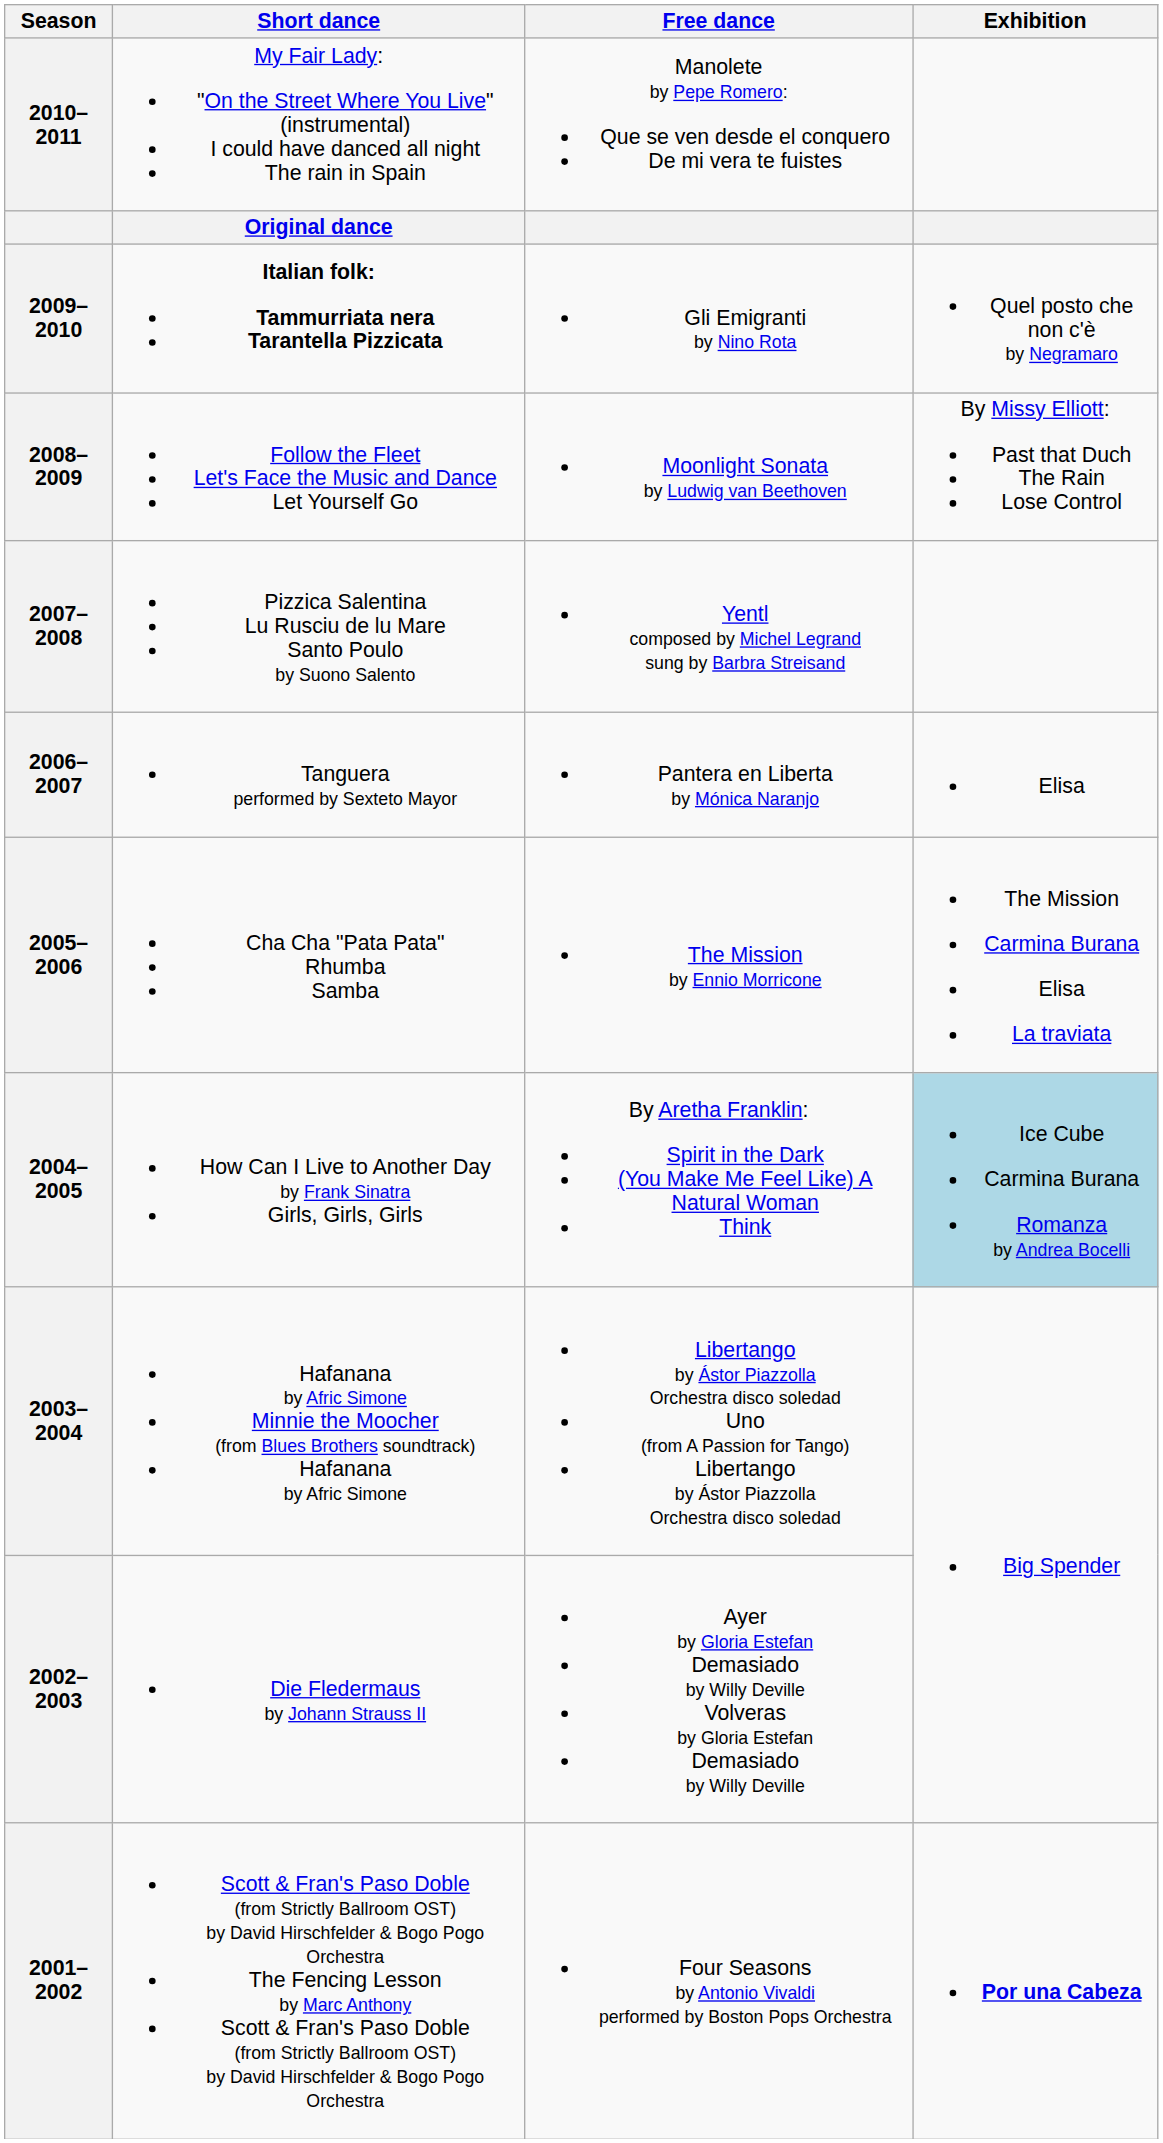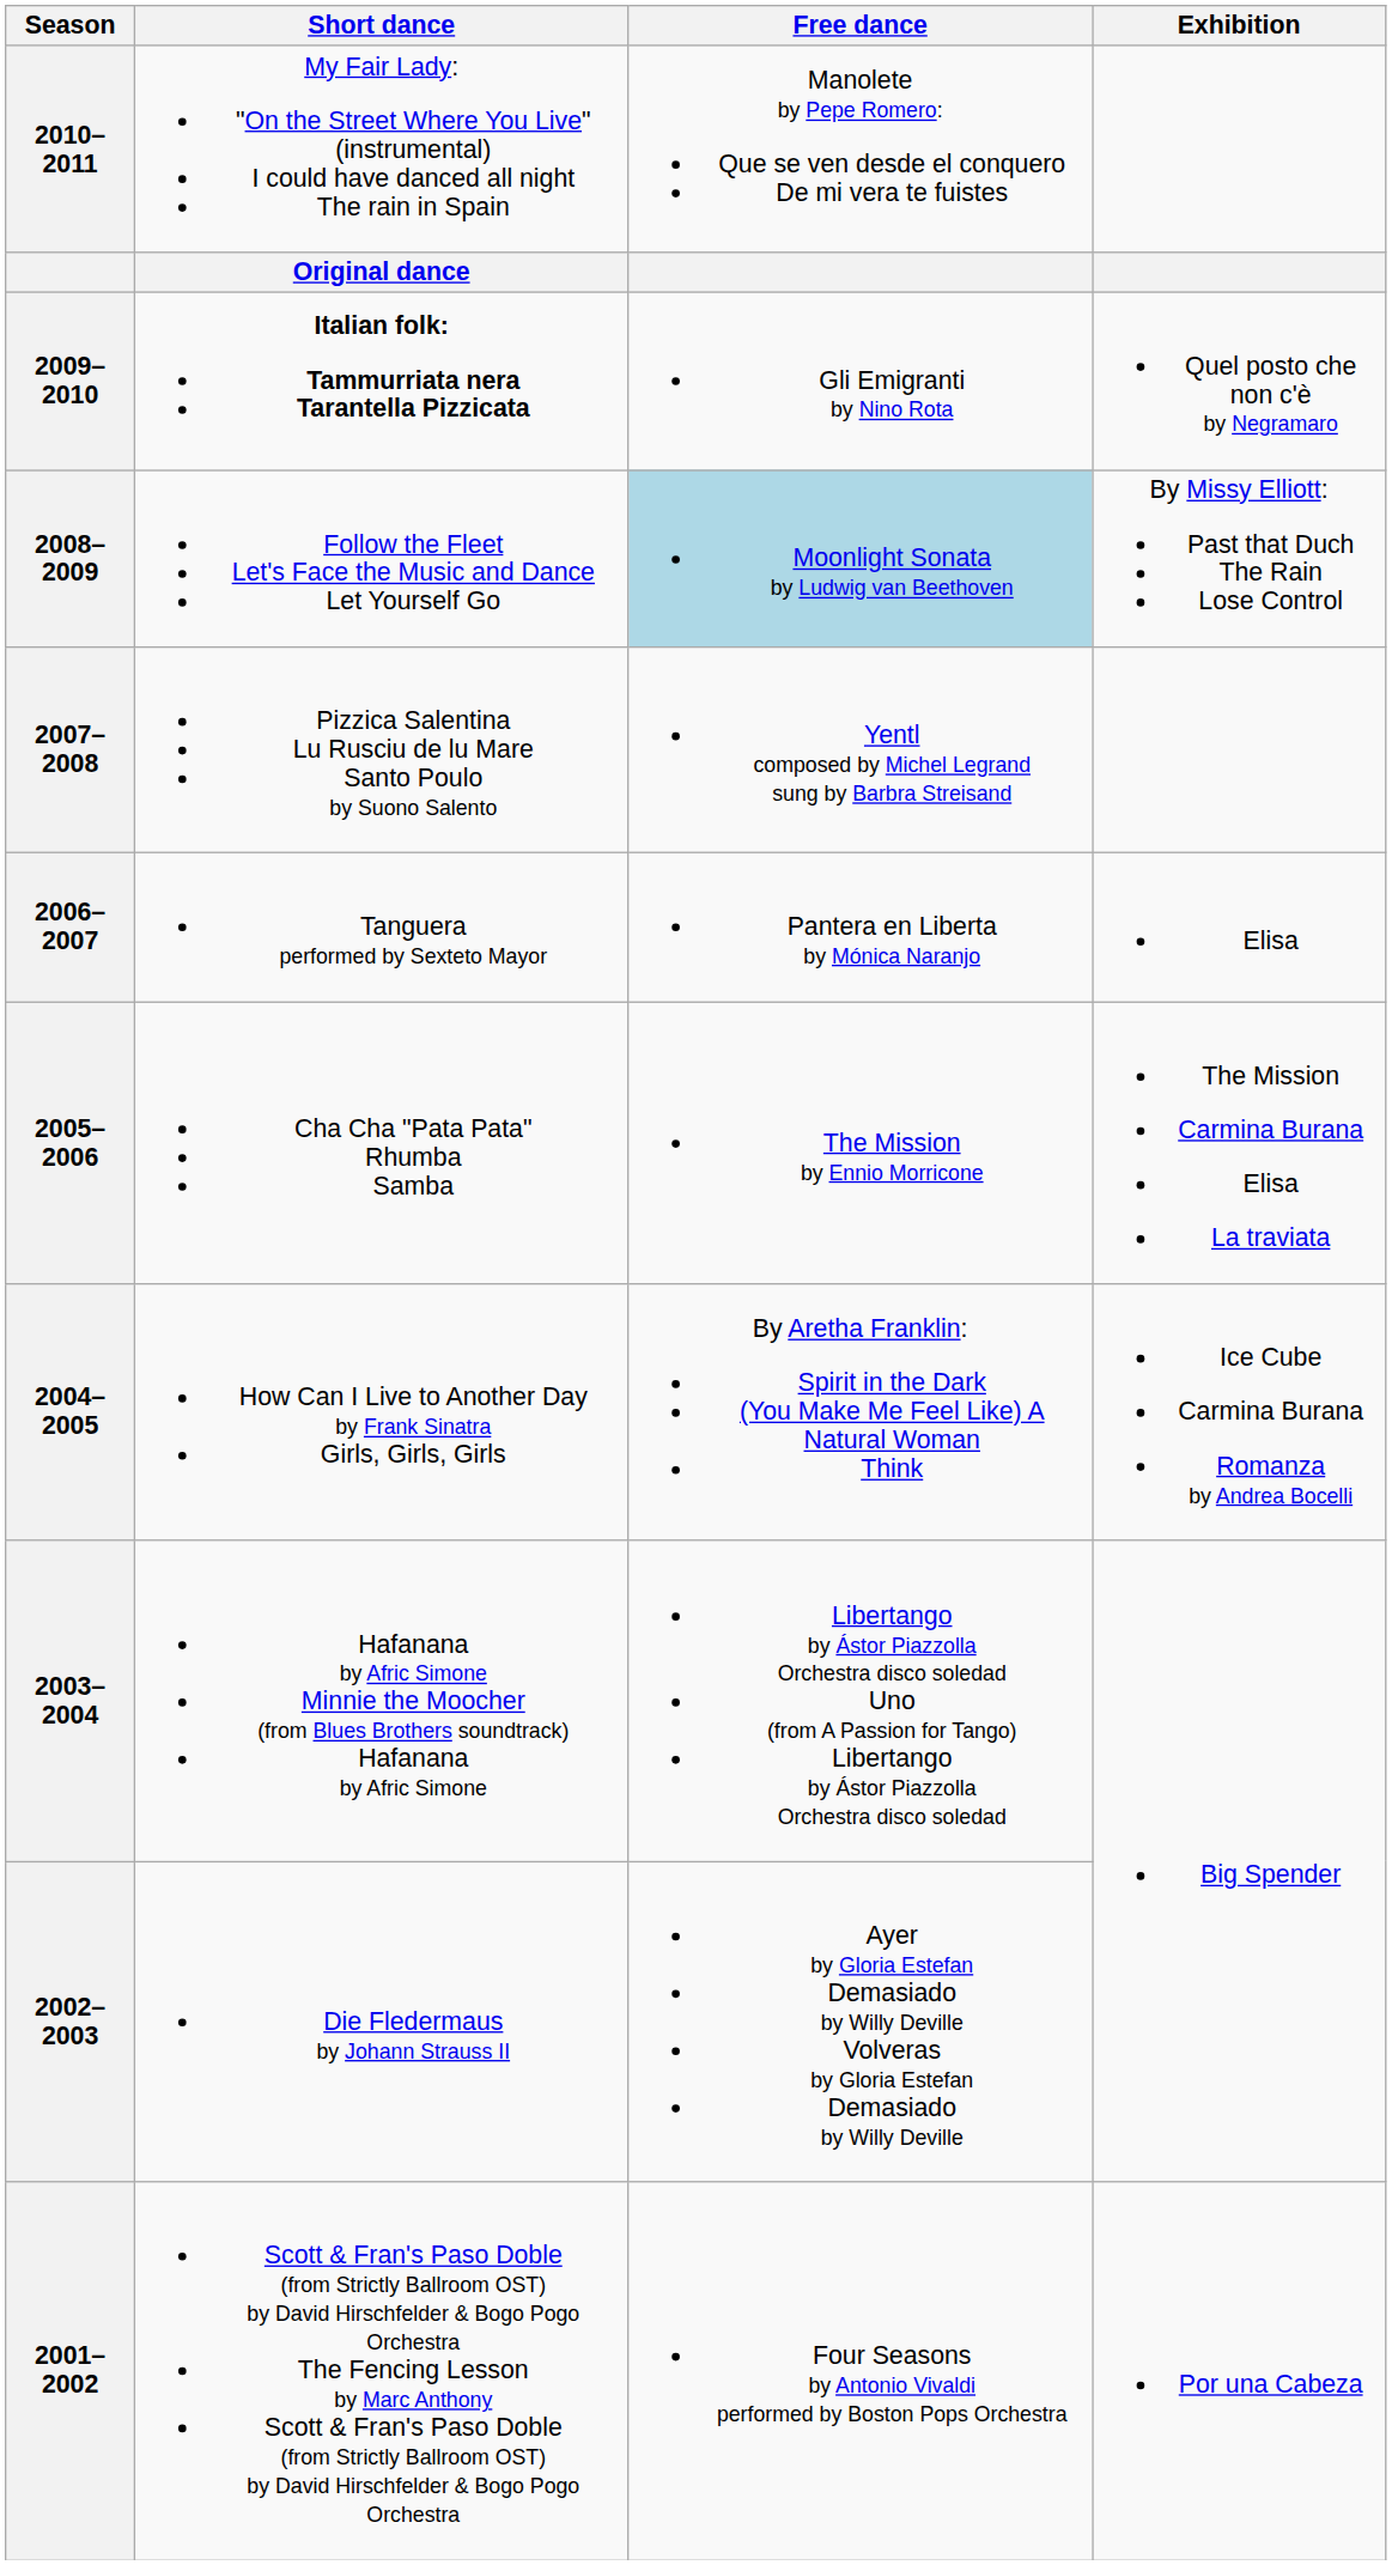 <table class="wikitable" style="text-align:center">
 <tr>
 <th>Season</th>
 <th><a href='#'>Short dance</a></th>
 <th><a href='#'>Free dance</a></th>
 <th>Exhibition</th>
 </tr>
 <tr>
 <th>2010–2011 <br> </th>
 <td><a href='#'>My Fair Lady</a>:<br><ul><li>"<a href='#'>On the Street Where You Live</a>" (instrumental)</li><li>I could have danced all night</li><li>The rain in Spain</li></ul></td>
 <td>Manolete <br><small> by <a href='#'>Pepe Romero</a>:</small><br><ul><li>Que se ven desde el conquero</li><li>De mi vera te fuistes</li></ul></td>
 <td></td>
 </tr>
 <tr>
 <th></th>
 <th><a href='#'>Original dance</a></th>
 <th></th>
 <th></th>
 </tr>
 <tr>
 <th>2009–2010 <br> </th>
 <td><strong>Italian folk:<br><ul><li>Tammurriata nera</li><li>Tarantella Pizzicata</li></ul></strong></td>
 <td><br><ul><li>Gli Emigranti <br><small> by <a href='#'>Nino Rota</a> </small></li></ul></td>
 <td><br><ul><li>Quel posto che non c'è <br><small> by <a href='#'>Negramaro</a> </small></li></ul></td>
 </tr>
 <tr>
 <th>2008–2009 <br> </th>
 <td><br><ul><li><a href='#'>Follow the Fleet</a></li><li><a href='#'>Let's Face the Music and Dance</a></li><li>Let Yourself Go</li></ul></td>
-<td><br><ul><li><a href='#'>Moonlight Sonata</a> <br><small> by <a href='#'>Ludwig van Beethoven</a> </small></li></ul></td>
+<td style="background: lightblue;"><br><ul><li><a href='#'>Moonlight Sonata</a> <br><small> by <a href='#'>Ludwig van Beethoven</a> </small></li></ul></td>
 <td>By <a href='#'>Missy Elliott</a>:<br><ul><li>Past that Duch</li><li>The Rain</li><li>Lose Control</li></ul></td>
 </tr>
 <tr>
 <th>2007–2008 <br> </th>
 <td><br><ul><li>Pizzica Salentina</li><li>Lu Rusciu de lu Mare</li><li>Santo Poulo <br><small> by Suono Salento </small></li></ul></td>
 <td><br><ul><li><a href='#'>Yentl</a> <br><small> composed by <a href='#'>Michel Legrand</a> <br> sung by <a href='#'>Barbra Streisand</a> </small></li></ul></td>
 <td></td>
 </tr>
 <tr>
 <th>2006–2007 <br> </th>
 <td><br><ul><li>Tanguera <br><small> performed by Sexteto Mayor </small></li></ul></td>
 <td><br><ul><li>Pantera en Liberta <br><small> by <a href='#'>Mónica Naranjo</a> </small></li></ul></td>
 <td><br><ul><li>Elisa</li></ul></td>
 </tr>
 <tr>
 <th>2005–2006 <br> </th>
 <td><br><ul><li>Cha Cha "Pata Pata"</li><li>Rhumba</li><li>Samba</li></ul></td>
 <td><br><ul><li><a href='#'>The Mission</a> <br><small> by <a href='#'>Ennio Morricone</a> </small></li></ul></td>
 <td><br><ul><li>The Mission</li></ul><ul><li><a href='#'>Carmina Burana</a></li></ul><ul><li>Elisa</li></ul><ul><li><a href='#'>La traviata</a></li></ul></td>
 </tr>
 <tr>
 <th>2004–2005 <br> </th>
 <td><br><ul><li>How Can I Live to Another Day <br><small> by <a href='#'>Frank Sinatra</a> </small></li><li>Girls, Girls, Girls</li></ul></td>
 <td>By <a href='#'>Aretha Franklin</a>:<br><ul><li><a href='#'>Spirit in the Dark</a></li><li><a href='#'>(You Make Me Feel Like) A Natural Woman</a></li><li><a href='#'>Think</a></li></ul></td>
-<td style="background: lightblue;"><br><ul><li>Ice Cube</li></ul><ul><li>Carmina Burana</li></ul><ul><li><a href='#'>Romanza</a> <br><small> by <a href='#'>Andrea Bocelli</a></small></li></ul></td>
+<td><br><ul><li>Ice Cube</li></ul><ul><li>Carmina Burana</li></ul><ul><li><a href='#'>Romanza</a> <br><small> by <a href='#'>Andrea Bocelli</a></small></li></ul></td>
 </tr>
 <tr>
 <th>2003–2004 <br> </th>
 <td><br><ul><li>Hafanana <br><small> by <a href='#'>Afric Simone</a> </small></li><li><a href='#'>Minnie the Moocher</a> <br><small> (from <a href='#'>Blues Brothers</a> soundtrack) </small></li><li>Hafanana <br><small> by Afric Simone </small></li></ul></td>
 <td><br><ul><li><a href='#'>Libertango</a> <br><small> by <a href='#'>Ástor Piazzolla</a> <br> Orchestra disco soledad </small></li><li>Uno <br><small> (from A Passion for Tango) </small></li><li>Libertango <br><small> by Ástor Piazzolla <br> Orchestra disco soledad </small></li></ul></td>
 <td rowspan=2><br><ul><li><a href='#'>Big Spender</a></li></ul></td>
 </tr>
 <tr>
 <th>2002–2003 <br> </th>
 <td><br><ul><li><a href='#'>Die Fledermaus</a> <br><small> by <a href='#'>Johann Strauss II</a> </small></li></ul></td>
 <td><br><ul><li>Ayer <br><small> by <a href='#'>Gloria Estefan</a> </small></li><li>Demasiado <br><small> by Willy Deville </small></li><li>Volveras <br><small> by Gloria Estefan </small></li><li>Demasiado <br><small> by Willy Deville </small></li></ul></td>
 </tr>
 <tr>
 <th>2001–2002 <br> </th>
 <td><br><ul><li><a href='#'>Scott & Fran's Paso Doble</a> <br><small> (from Strictly Ballroom OST) <br> by David Hirschfelder & Bogo Pogo Orchestra </small></li><li>The Fencing Lesson <br><small> by <a href='#'>Marc Anthony</a> </small></li><li>Scott & Fran's Paso Doble <br><small> (from Strictly Ballroom OST) <br> by David Hirschfelder & Bogo Pogo Orchestra </small></li></ul></td>
 <td><br><ul><li>Four Seasons <br><small> by <a href='#'>Antonio Vivaldi</a> <br> performed by Boston Pops Orchestra </small></li></ul></td>
-<td><strong><br><ul><li><a href='#'>Por una Cabeza</a></li></ul></strong></td>
+<td><br><ul><li><a href='#'>Por una Cabeza</a></li></ul></td>
 </tr>
 </table>
